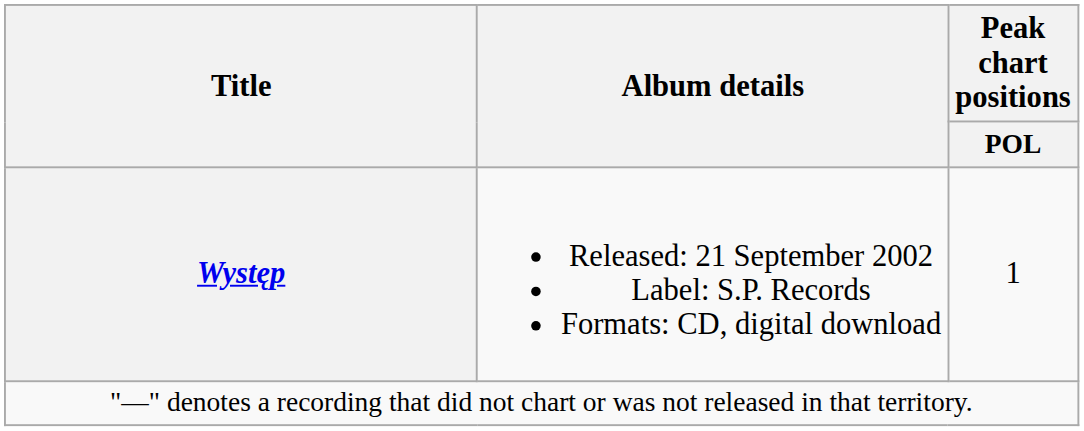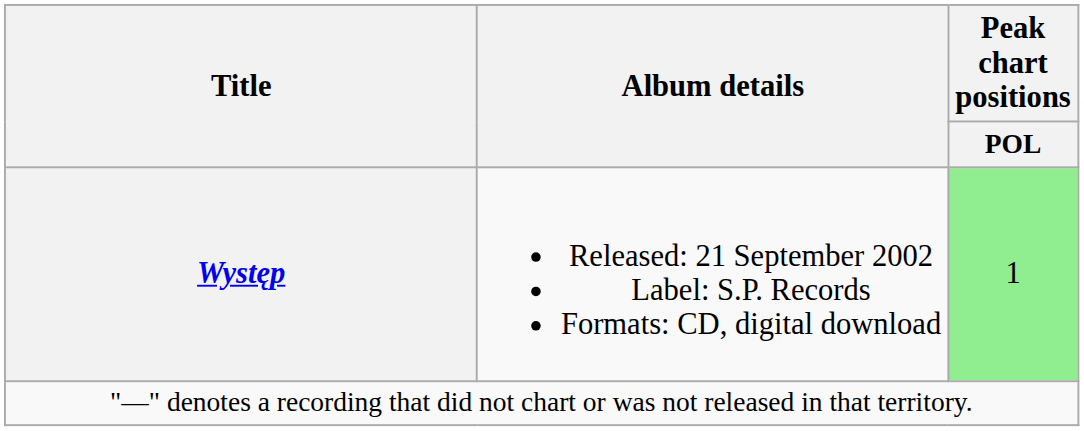 <table class="wikitable plainrowheaders" style="text-align:center;">
 <tr>
 <th scope="col" rowspan="2" style="width:15em;">Title</th>
 <th scope="col" rowspan="2">Album details</th>
 <th scope="col" colspan="1">Peak chart positions</th>
 </tr>
 <tr>
 <th scope="col" style="width:3em;font-size:90%;">POL<br></th>
 </tr>
 <tr>
 <th scope="row"><em><a href='#'>Występ</a></em></th>
 <td><br><ul><li>Released: 21 September 2002</li><li>Label: S.P. Records</li><li>Formats: CD, digital download</li></ul></td>
-<td>1</td>
+<td style="background: lightgreen;">1</td>
 </tr>
 <tr>
 <td colspan="20" style="font-size:90%">"—" denotes a recording that did not chart or was not released in that territory.</td>
 </tr>
 </table>
